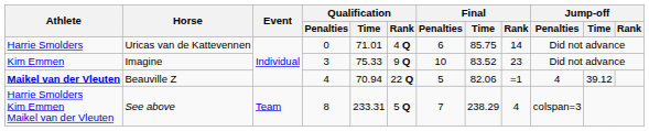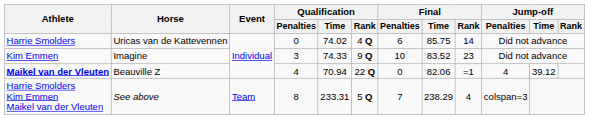 <table class="wikitable" style="font-size:90%">
 <tr>
 <th rowspan="2">Athlete</th>
 <th rowspan="2">Horse</th>
 <th rowspan="2">Event</th>
 <th colspan="3">Qualification</th>
 <th colspan="3">Final</th>
 <th colspan="3">Jump-off</th>
 </tr>
 <tr style="font-size:95%">
 <th>Penalties</th>
 <th>Time</th>
 <th>Rank</th>
 <th>Penalties</th>
 <th>Time</th>
 <th>Rank</th>
 <th>Penalties</th>
 <th>Time</th>
 <th>Rank</th>
 </tr>
 <tr align=center>
 <td align=left><a href='#'>Harrie Smolders</a></td>
 <td align=left>Uricas van de Kattevennen</td>
 <td align=left rowspan=3><a href='#'>Individual</a></td>
 <td>0</td>
-<td>71.01</td>
+<td>74.02</td>
 <td>4 <strong>Q</strong></td>
 <td>6</td>
 <td>85.75</td>
 <td>14</td>
 <td colspan=3>Did not advance</td>
 </tr>
 <tr align=center>
 <td align=left><a href='#'>Kim Emmen</a></td>
 <td align=left>Imagine</td>
 <td>3</td>
-<td>75.33</td>
+<td>74.33</td>
 <td>9 <strong>Q</strong></td>
 <td>10</td>
 <td>83.52</td>
 <td>23</td>
 <td colspan=3>Did not advance</td>
 </tr>
 <tr align=center>
 <td align=left><strong><a href='#'>Maikel van der Vleuten</a></strong></td>
 <td align=left>Beauville Z</td>
 <td>4</td>
 <td>70.94</td>
 <td>22 <strong>Q</strong></td>
-<td>5</td>
+<td>0</td>
 <td>82.06</td>
 <td>=1</td>
 <td>4</td>
 <td>39.12</td>
 <td></td>
 </tr>
 <tr align=center>
 <td align=left><a href='#'>Harrie Smolders</a><br><a href='#'>Kim Emmen</a><br><a href='#'>Maikel van der Vleuten</a></td>
 <td align=left><em>See above</em></td>
 <td align=left><a href='#'>Team</a></td>
 <td>8</td>
 <td>233.31</td>
 <td>5 <strong>Q</strong></td>
 <td>7</td>
 <td>238.29</td>
 <td>4</td>
 <td>colspan=3 </td>
 </tr>
 </table>
